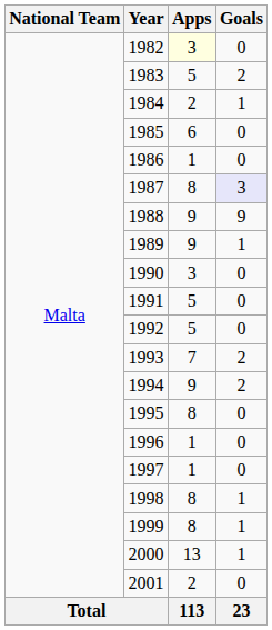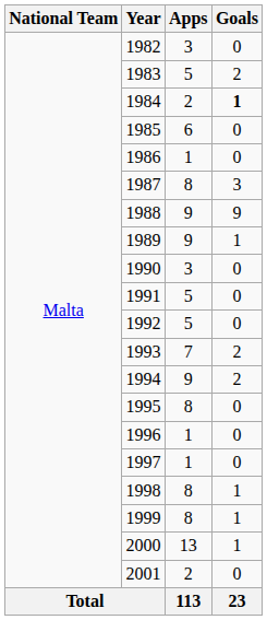 <table class="wikitable" style="text-align:center">
 <tr>
 <th>National Team</th>
 <th>Year</th>
 <th>Apps</th>
 <th>Goals</th>
 </tr>
 <tr>
 <td rowspan="20"><a href='#'>Malta</a></td>
 <td>1982</td>
-<td style="background: lightyellow;">3</td>
+<td>3</td>
 <td>0</td>
 </tr>
 <tr>
 <td>1983</td>
 <td>5</td>
 <td>2</td>
 </tr>
 <tr>
 <td>1984</td>
 <td>2</td>
-<td>1</td>
+<td><strong>1</strong></td>
 </tr>
 <tr>
 <td>1985</td>
 <td>6</td>
 <td>0</td>
 </tr>
 <tr>
 <td>1986</td>
 <td>1</td>
 <td>0</td>
 </tr>
 <tr>
 <td>1987</td>
 <td>8</td>
-<td style="background: lavender;">3</td>
+<td>3</td>
 </tr>
 <tr>
 <td>1988</td>
 <td>9</td>
 <td>9</td>
 </tr>
 <tr>
 <td>1989</td>
 <td>9</td>
 <td>1</td>
 </tr>
 <tr>
 <td>1990</td>
 <td>3</td>
 <td>0</td>
 </tr>
 <tr>
 <td>1991</td>
 <td>5</td>
 <td>0</td>
 </tr>
 <tr>
 <td>1992</td>
 <td>5</td>
 <td>0</td>
 </tr>
 <tr>
 <td>1993</td>
 <td>7</td>
 <td>2</td>
 </tr>
 <tr>
 <td>1994</td>
 <td>9</td>
 <td>2</td>
 </tr>
 <tr>
 <td>1995</td>
 <td>8</td>
 <td>0</td>
 </tr>
 <tr>
 <td>1996</td>
 <td>1</td>
 <td>0</td>
 </tr>
 <tr>
 <td>1997</td>
 <td>1</td>
 <td>0</td>
 </tr>
 <tr>
 <td>1998</td>
 <td>8</td>
 <td>1</td>
 </tr>
 <tr>
 <td>1999</td>
 <td>8</td>
 <td>1</td>
 </tr>
 <tr>
 <td>2000</td>
 <td>13</td>
 <td>1</td>
 </tr>
 <tr>
 <td>2001</td>
 <td>2</td>
 <td>0</td>
 </tr>
 <tr>
 <th colspan="2">Total</th>
 <th>113</th>
 <th>23</th>
 </tr>
 </table>
